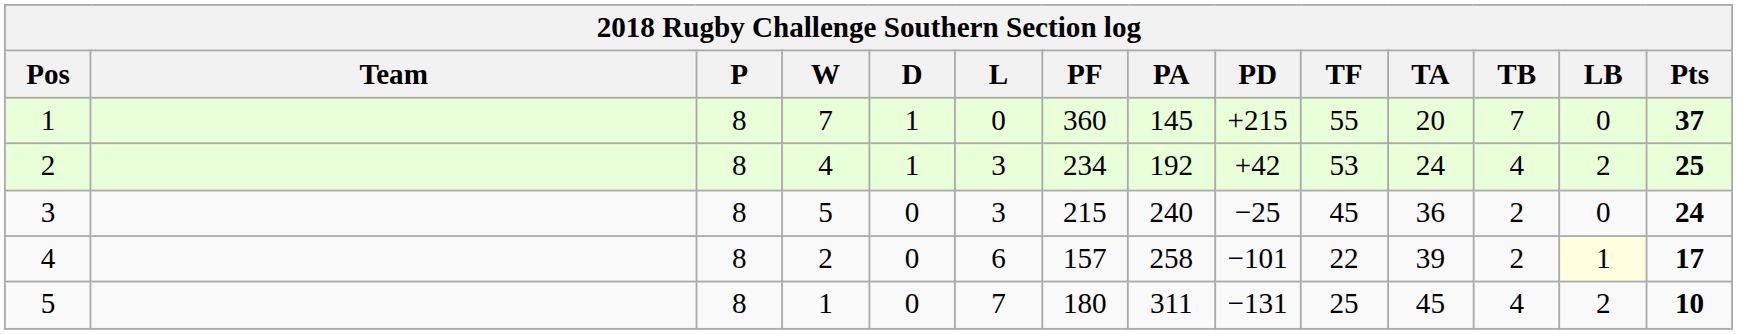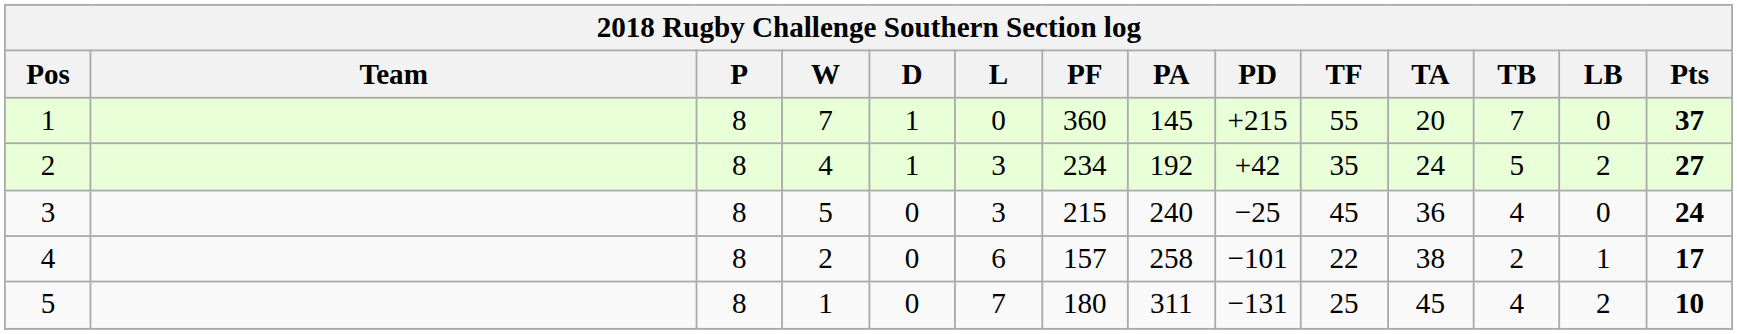 <table class="wikitable" style="text-align:center; font-size:100%; width:60%;">
 <tr>
 <th colspan="100%" cellpadding="0" cellspacing="0"><strong>2018 Rugby Challenge Southern Section log</strong></th>
 </tr>
 <tr>
 <th style="width:5%;">Pos</th>
 <th style="width:35%;">Team</th>
 <th style="width:5%;">P</th>
 <th style="width:5%;">W</th>
 <th style="width:5%;">D</th>
 <th style="width:5%;">L</th>
 <th style="width:5%;">PF</th>
 <th style="width:5%;">PA</th>
 <th style="width:5%;">PD</th>
 <th style="width:5%;">TF</th>
 <th style="width:5%;">TA</th>
 <th style="width:5%;">TB</th>
 <th style="width:5%;">LB</th>
 <th style="width:5%;">Pts<br></th>
 </tr>
 <tr style="background:#E8FFD8;">
 <td>1</td>
 <td align=left></td>
 <td>8</td>
 <td>7</td>
 <td>1</td>
 <td>0</td>
 <td>360</td>
 <td>145</td>
 <td>+215</td>
 <td>55</td>
 <td>20</td>
 <td>7</td>
 <td>0</td>
 <td><strong>37</strong></td>
 </tr>
 <tr style="background:#E8FFD8;">
 <td>2</td>
 <td align=left></td>
 <td>8</td>
 <td>4</td>
 <td>1</td>
 <td>3</td>
 <td>234</td>
 <td>192</td>
 <td>+42</td>
-<td>53</td>
+<td>35</td>
 <td>24</td>
-<td>4</td>
+<td>5</td>
 <td>2</td>
-<td><strong>25</strong></td>
+<td><strong>27</strong></td>
 </tr>
 <tr>
 <td>3</td>
 <td align=left></td>
 <td>8</td>
 <td>5</td>
 <td>0</td>
 <td>3</td>
 <td>215</td>
 <td>240</td>
 <td>−25</td>
 <td>45</td>
 <td>36</td>
-<td>2</td>
+<td>4</td>
 <td>0</td>
 <td><strong>24</strong></td>
 </tr>
 <tr>
 <td>4</td>
 <td align=left></td>
 <td>8</td>
 <td>2</td>
 <td>0</td>
 <td>6</td>
 <td>157</td>
 <td>258</td>
 <td>−101</td>
 <td>22</td>
-<td>39</td>
+<td>38</td>
 <td>2</td>
-<td style="background: lightyellow;">1</td>
+<td>1</td>
 <td><strong>17</strong></td>
 </tr>
 <tr>
 <td>5</td>
 <td align=left></td>
 <td>8</td>
 <td>1</td>
 <td>0</td>
 <td>7</td>
 <td>180</td>
 <td>311</td>
 <td>−131</td>
 <td>25</td>
 <td>45</td>
 <td>4</td>
 <td>2</td>
 <td><strong>10</strong></td>
 </tr>
 </table>
